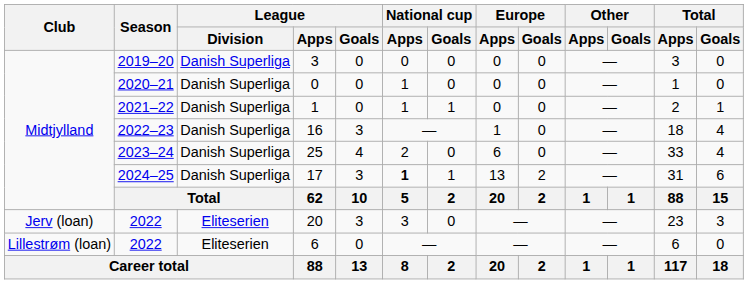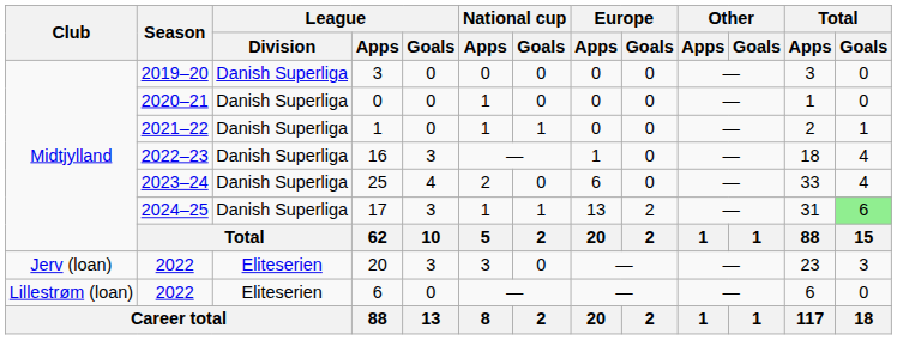 <table class="wikitable" style="text-align: center">
 <tr>
 <th rowspan="2">Club</th>
 <th rowspan="2">Season</th>
 <th colspan="3">League</th>
 <th colspan="2">National cup</th>
 <th colspan="2">Europe</th>
 <th colspan="2">Other</th>
 <th colspan="2">Total</th>
 </tr>
 <tr>
 <th>Division</th>
 <th>Apps</th>
 <th>Goals</th>
 <th>Apps</th>
 <th>Goals</th>
 <th>Apps</th>
 <th>Goals</th>
 <th>Apps</th>
 <th>Goals</th>
 <th>Apps</th>
 <th>Goals</th>
 </tr>
 <tr>
 <td rowspan="7"><a href='#'>Midtjylland</a></td>
 <td><a href='#'>2019–20</a></td>
 <td><a href='#'>Danish Superliga</a></td>
 <td>3</td>
 <td>0</td>
 <td>0</td>
 <td>0</td>
 <td>0</td>
 <td>0</td>
 <td colspan="2">—</td>
 <td>3</td>
 <td>0</td>
 </tr>
 <tr>
 <td><a href='#'>2020–21</a></td>
 <td>Danish Superliga</td>
 <td>0</td>
 <td>0</td>
 <td>1</td>
 <td>0</td>
 <td>0</td>
 <td>0</td>
 <td colspan="2">—</td>
 <td>1</td>
 <td>0</td>
 </tr>
 <tr>
 <td><a href='#'>2021–22</a></td>
 <td>Danish Superliga</td>
 <td>1</td>
 <td>0</td>
 <td>1</td>
 <td>1</td>
 <td>0</td>
 <td>0</td>
 <td colspan="2">—</td>
 <td>2</td>
 <td>1</td>
 </tr>
 <tr>
 <td><a href='#'>2022–23</a></td>
 <td>Danish Superliga</td>
 <td>16</td>
 <td>3</td>
 <td colspan="2">—</td>
 <td>1</td>
 <td>0</td>
 <td colspan="2">—</td>
 <td>18</td>
 <td>4</td>
 </tr>
 <tr>
 <td><a href='#'>2023–24</a></td>
 <td>Danish Superliga</td>
 <td>25</td>
 <td>4</td>
 <td>2</td>
 <td>0</td>
 <td>6</td>
 <td>0</td>
 <td colspan="2">—</td>
 <td>33</td>
 <td>4</td>
 </tr>
 <tr>
 <td><a href='#'>2024–25</a></td>
 <td>Danish Superliga</td>
 <td>17</td>
 <td>3</td>
-<td><strong>1</strong></td>
+<td>1</td>
 <td>1</td>
 <td>13</td>
 <td>2</td>
 <td colspan="2">—</td>
 <td>31</td>
-<td>6</td>
+<td style="background: lightgreen;">6</td>
 </tr>
 <tr>
 <th colspan="2">Total</th>
 <th>62</th>
 <th>10</th>
 <th>5</th>
 <th>2</th>
 <th>20</th>
 <th>2</th>
 <th>1</th>
 <th>1</th>
 <th>88</th>
 <th>15</th>
 </tr>
 <tr>
 <td><a href='#'>Jerv</a> (loan)</td>
 <td><a href='#'>2022</a></td>
 <td><a href='#'>Eliteserien</a></td>
 <td>20</td>
 <td>3</td>
 <td>3</td>
 <td>0</td>
 <td colspan="2">—</td>
 <td colspan="2">—</td>
 <td>23</td>
 <td>3</td>
 </tr>
 <tr>
 <td><a href='#'>Lillestrøm</a> (loan)</td>
 <td><a href='#'>2022</a></td>
 <td>Eliteserien</td>
 <td>6</td>
 <td>0</td>
 <td colspan="2">—</td>
 <td colspan="2">—</td>
 <td colspan="2">—</td>
 <td>6</td>
 <td>0</td>
 </tr>
 <tr>
 <th colspan="3">Career total</th>
 <th>88</th>
 <th>13</th>
 <th>8</th>
 <th>2</th>
 <th>20</th>
 <th>2</th>
 <th>1</th>
 <th>1</th>
 <th>117</th>
 <th>18</th>
 </tr>
 </table>
